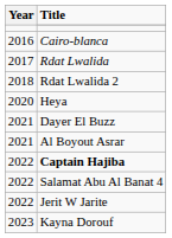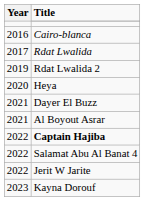 <table class="wikitable">
 <tr>
 <th rowspan="2" style="width:33px;">Year</th>
 <td><strong>Title</strong></td>
 </tr>
 <tr>
 </tr>
 <tr>
 <td></td>
 <td></td>
 </tr>
 <tr>
 <td>2016</td>
 <td><em>Cairo-blanca</em></td>
 </tr>
 <tr>
 <td>2017</td>
 <td><em>Rdat Lwalida</em></td>
 </tr>
 <tr>
-<td>2018</td>
+<td>2019</td>
 <td>Rdat Lwalida 2</td>
 </tr>
 <tr>
 <td>2020</td>
 <td>Heya</td>
 </tr>
 <tr>
 <td>2021</td>
 <td>Dayer El Buzz</td>
 </tr>
 <tr>
 <td>2021</td>
 <td>Al Boyout Asrar</td>
 </tr>
 <tr>
 <td>2022</td>
 <td><strong>Captain Hajiba</strong></td>
 </tr>
 <tr>
 <td>2022</td>
 <td>Salamat Abu Al Banat 4</td>
 </tr>
 <tr>
 <td>2022</td>
 <td>Jerit W Jarite</td>
 </tr>
 <tr>
 <td>2023</td>
 <td>Kayna Dorouf</td>
 </tr>
 </table>
